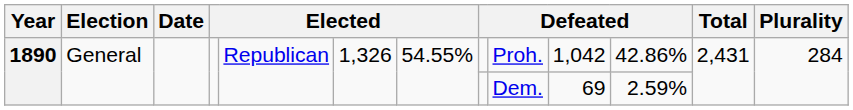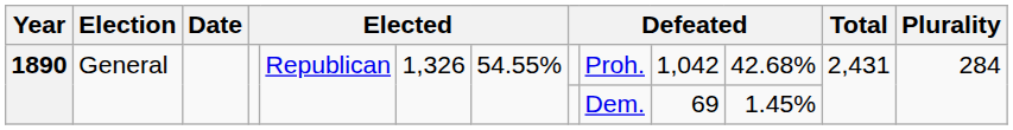 <table class="wikitable">
 <tr>
 <th>Year</th>
 <th>Election</th>
 <th>Date</th>
 <th colspan="4">Elected</th>
 <th colspan="4">Defeated</th>
 <th>Total</th>
 <th>Plurality</th>
 </tr>
 <tr>
 <th rowspan="2" valign="top">1890</th>
 <td rowspan="2" valign="top">General</td>
 <td rowspan="2" valign="top"></td>
 <td rowspan="2" valign="top"></td>
 <td rowspan="2" valign="top" ><a href='#'>Republican</a></td>
 <td rowspan="2" align="right" valign="top">1,326</td>
 <td rowspan="2" align="right" valign="top">54.55%</td>
 <td valign="top"></td>
 <td valign="top" ><a href='#'>Proh.</a></td>
 <td align="right" valign="top">1,042</td>
-<td align="right" valign="top">42.86%</td>
+<td align="right" valign="top">42.68%</td>
 <td rowspan="2" align="right" valign="top">2,431</td>
 <td rowspan="2" align="right" valign="top">284</td>
 </tr>
 <tr>
 <td valign="top"></td>
 <td valign="top" ><a href='#'>Dem.</a></td>
 <td align="right" valign="top">69</td>
-<td align="right" valign="top">2.59%</td>
+<td align="right" valign="top">1.45%</td>
 </tr>
 </table>
